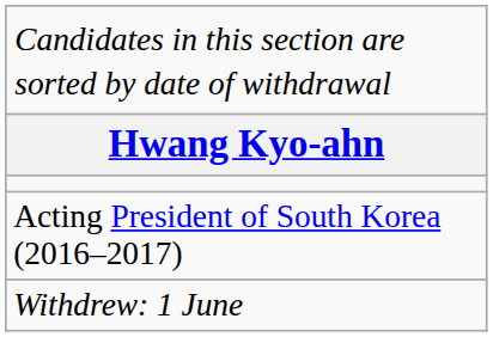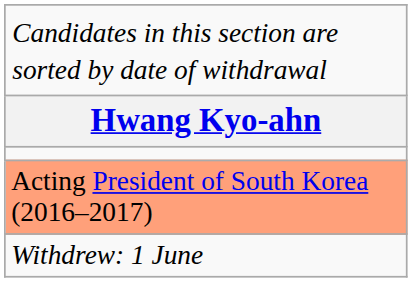 <table class="wikitable defaultcenter">
 <tr>
 <td style="font-size:120%; background:"><em><small>Candidates in this section are sorted by date of withdrawal</small></em></td>
 </tr>
 <tr>
 <th scope="col" style="width:11.8em; font-size:120%;"><a href='#'>Hwang Kyo-ahn</a></th>
 </tr>
 <tr>
 <td></td>
 </tr>
 <tr>
-<td>Acting <a href='#'>President of South Korea</a> (2016–2017)</td>
+<td style="background: lightsalmon;">Acting <a href='#'>President of South Korea</a> (2016–2017)</td>
 </tr>
 <tr>
 <td><em>Withdrew: 1 June</em><br></td>
 </tr>
 </table>
